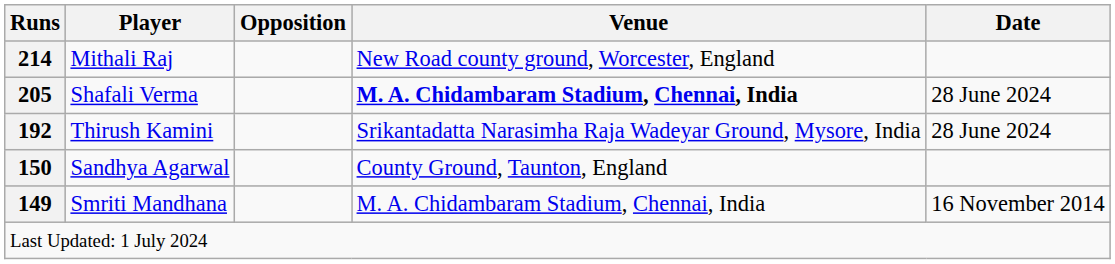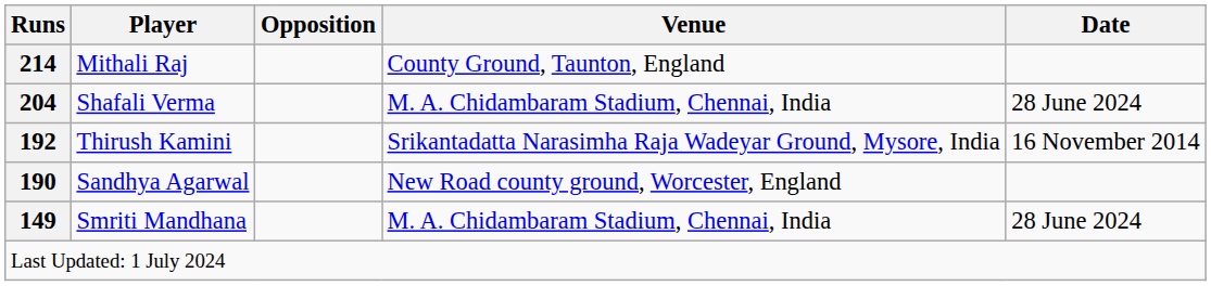 <table class="wikitable sortable" style="text-align:left;font-size:93%;">
 <tr>
 <th><strong>Runs</strong></th>
 <th><strong>Player</strong></th>
 <th><strong>Opposition</strong></th>
 <th><strong>Venue</strong></th>
 <th><strong>Date</strong></th>
 </tr>
 <tr>
 <th scope=row style=text-align:center;>214</th>
 <td><a href='#'>Mithali Raj</a></td>
 <td></td>
-<td><a href='#'>New Road county ground</a>, <a href='#'>Worcester</a>, England</td>
+<td><a href='#'>County Ground</a>, <a href='#'>Taunton</a>, England</td>
 <td></td>
 </tr>
 <tr>
-<th scope=row style=text-align:center;>205</th>
+<th scope=row style=text-align:center;>204</th>
 <td><a href='#'>Shafali Verma</a></td>
 <td></td>
-<td><strong><a href='#'>M. A. Chidambaram Stadium</a>, <a href='#'>Chennai</a>, India</strong></td>
+<td><a href='#'>M. A. Chidambaram Stadium</a>, <a href='#'>Chennai</a>, India</td>
 <td>28 June 2024</td>
 </tr>
 <tr>
 <th scope=row style=text-align:center;>192</th>
 <td><a href='#'>Thirush Kamini</a></td>
 <td></td>
 <td><a href='#'>Srikantadatta Narasimha Raja Wadeyar Ground</a>, <a href='#'>Mysore</a>, India</td>
-<td>28 June 2024</td>
+<td>16 November 2014</td>
 </tr>
 <tr>
-<th scope="row" style="text-align:center;">150</th>
+<th scope="row" style="text-align:center;">190</th>
 <td><a href='#'>Sandhya Agarwal</a></td>
 <td></td>
-<td><a href='#'>County Ground</a>, <a href='#'>Taunton</a>, England</td>
+<td><a href='#'>New Road county ground</a>, <a href='#'>Worcester</a>, England</td>
 <td></td>
 </tr>
 <tr>
 <th scope="row" style="text-align:center;">149</th>
 <td><a href='#'>Smriti Mandhana</a></td>
 <td></td>
 <td><a href='#'>M. A. Chidambaram Stadium</a>, <a href='#'>Chennai</a>, India</td>
-<td>16 November 2014</td>
+<td>28 June 2024</td>
 </tr>
 <tr class=sortbottom>
 <td colspan=6><small>Last Updated: 1 July 2024</small></td>
 </tr>
 </table>
